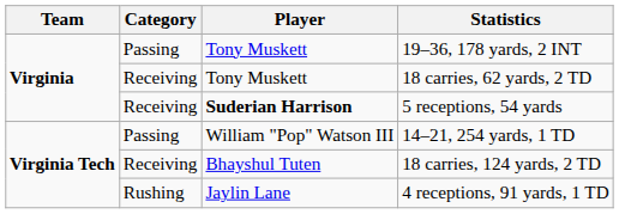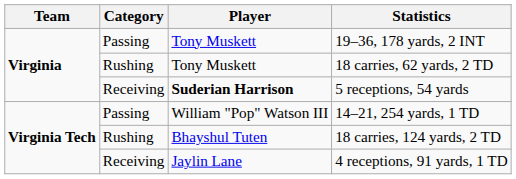 <table class="wikitable" style="float: right;">
 <tr>
 <th>Team</th>
 <th>Category</th>
 <th>Player</th>
 <th>Statistics</th>
 </tr>
 <tr>
 <td rowspan=3><strong>Virginia</strong></td>
 <td>Passing</td>
 <td><a href='#'>Tony Muskett</a></td>
 <td>19–36, 178 yards, 2 INT</td>
 </tr>
 <tr>
-<td>Receiving</td>
+<td>Rushing</td>
 <td>Tony Muskett</td>
 <td>18 carries, 62 yards, 2 TD</td>
 </tr>
 <tr>
 <td>Receiving</td>
 <td><strong>Suderian Harrison</strong></td>
 <td>5 receptions, 54 yards</td>
 </tr>
 <tr>
 <td rowspan=3><strong>Virginia Tech</strong></td>
 <td>Passing</td>
 <td>William "Pop" Watson III</td>
 <td>14–21, 254 yards, 1 TD</td>
 </tr>
 <tr>
-<td>Receiving</td>
+<td>Rushing</td>
 <td><a href='#'>Bhayshul Tuten</a></td>
 <td>18 carries, 124 yards, 2 TD</td>
 </tr>
 <tr>
-<td>Rushing</td>
+<td>Receiving</td>
 <td><a href='#'>Jaylin Lane</a></td>
 <td>4 receptions, 91 yards, 1 TD</td>
 </tr>
 </table>
